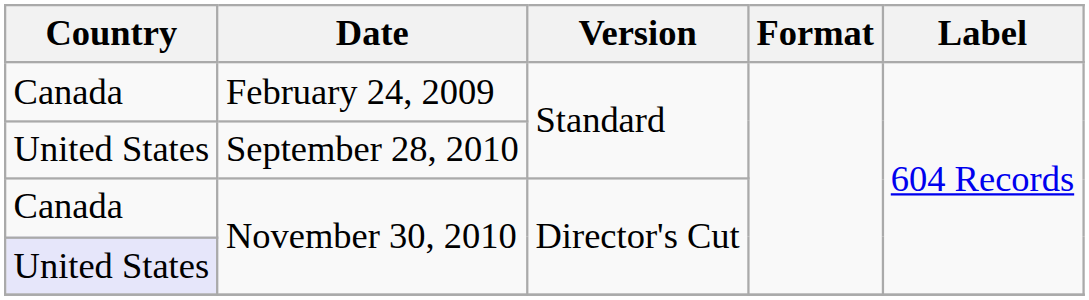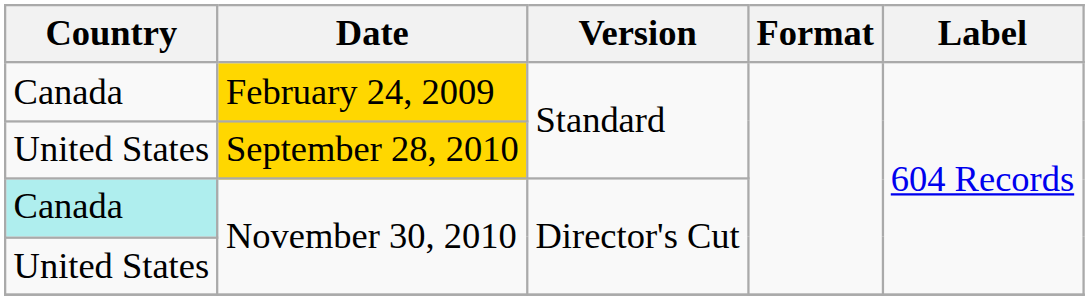 <table class="wikitable">
 <tr>
 <th>Country</th>
 <th>Date</th>
 <th>Version</th>
 <th>Format</th>
 <th>Label</th>
 </tr>
 <tr>
 <td>Canada</td>
-<td>February 24, 2009</td>
+<td style="background: gold;">February 24, 2009</td>
 <td rowspan="2">Standard</td>
 <td rowspan="4"></td>
 <td rowspan="4"><a href='#'>604 Records</a></td>
 </tr>
 <tr>
 <td>United States</td>
-<td>September 28, 2010</td>
+<td style="background: gold;">September 28, 2010</td>
 </tr>
 <tr>
-<td>Canada</td>
+<td style="background: paleturquoise;">Canada</td>
 <td rowspan="2">November 30, 2010</td>
 <td rowspan="2">Director's Cut <br> </td>
 </tr>
 <tr>
-<td style="background: lavender;">United States</td>
+<td>United States</td>
 </tr>
 <tr>
 </tr>
 </table>
